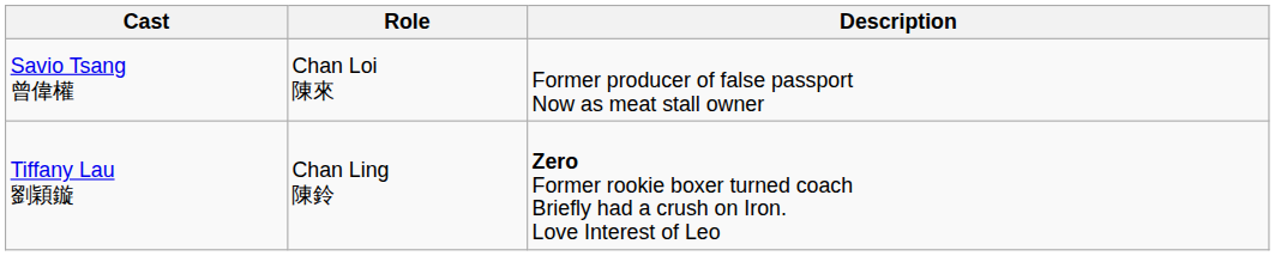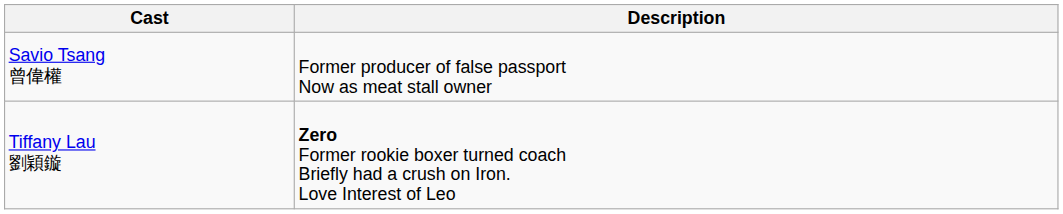 <table class="wikitable" width="60%">
 <tr>
 <th>Cast</th>
-<th>Role</th>
 <th>Description</th>
 </tr>
 <tr>
 <td><a href='#'>Savio Tsang</a> <br> 曾偉權</td>
-<td>Chan Loi <br> 陳來</td>
 <td><br>Former producer of false passport <br> Now as meat stall owner</td>
 </tr>
 <tr>
 <td><a href='#'>Tiffany Lau</a> <br> 劉穎鏇</td>
-<td>Chan Ling <br> 陳鈴</td>
 <td><br><strong>Zero</strong> <br> Former  rookie boxer turned coach <br> Briefly had a crush on Iron. <br> Love Interest of Leo</td>
 </tr>
 </table>
